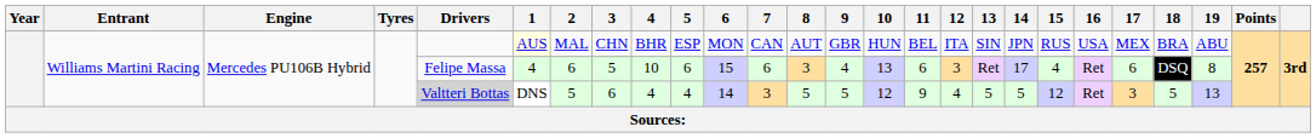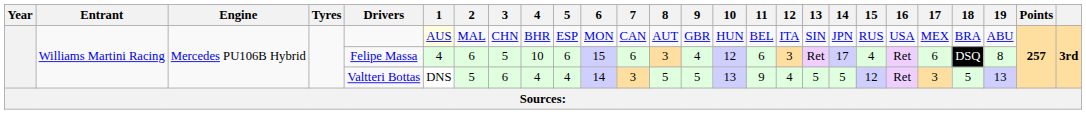 <table class="wikitable" style="text-align:center; font-size:90%">
 <tr>
 <th>Year</th>
 <th>Entrant</th>
 <th>Engine</th>
 <th>Tyres</th>
 <th>Drivers</th>
 <th>1</th>
 <th>2</th>
 <th>3</th>
 <th>4</th>
 <th>5</th>
 <th>6</th>
 <th>7</th>
 <th>8</th>
 <th>9</th>
 <th>10</th>
 <th>11</th>
 <th>12</th>
 <th>13</th>
 <th>14</th>
 <th>15</th>
 <th>16</th>
 <th>17</th>
 <th>18</th>
 <th>19</th>
 <th>Points</th>
 <th></th>
 </tr>
 <tr>
 <th rowspan=3></th>
 <td rowspan=3><a href='#'>Williams Martini Racing</a></td>
 <td rowspan=3><a href='#'>Mercedes</a> PU106B Hybrid</td>
 <td rowspan=3></td>
 <td></td>
 <td style="background: lightyellow;"><a href='#'>AUS</a></td>
 <td><a href='#'>MAL</a></td>
 <td><a href='#'>CHN</a></td>
 <td><a href='#'>BHR</a></td>
 <td><a href='#'>ESP</a></td>
 <td><a href='#'>MON</a></td>
 <td><a href='#'>CAN</a></td>
 <td><a href='#'>AUT</a></td>
 <td><a href='#'>GBR</a></td>
 <td><a href='#'>HUN</a></td>
 <td><a href='#'>BEL</a></td>
 <td><a href='#'>ITA</a></td>
 <td><a href='#'>SIN</a></td>
 <td><a href='#'>JPN</a></td>
 <td><a href='#'>RUS</a></td>
 <td><a href='#'>USA</a></td>
 <td><a href='#'>MEX</a></td>
 <td><a href='#'>BRA</a></td>
 <td><a href='#'>ABU</a></td>
 <th rowspan=3 style="background-color:#ffdf9f">257</th>
 <th rowspan=3 style="background-color:#ffdf9f">3rd</th>
 </tr>
 <tr>
 <td align="center"><a href='#'>Felipe Massa</a></td>
 <td style="background-color:#DFFFDF">4</td>
 <td style="background-color:#DFFFDF">6</td>
 <td style="background-color:#DFFFDF">5</td>
 <td style="background-color:#DFFFDF">10</td>
 <td style="background-color:#DFFFDF">6</td>
 <td style="background-color:#cfcfff">15</td>
 <td style="background-color:#DFFFDF">6</td>
 <td style="background-color:#ffdf9f">3</td>
 <td style="background-color:#DFFFDF">4</td>
-<td style="background-color:#cfcfff">13</td>
+<td style="background-color:#cfcfff">12</td>
 <td style="background-color:#DFFFDF">6</td>
 <td style="background-color:#ffdf9f">3</td>
 <td style="background-color:#EFCFFF">Ret</td>
 <td style="background-color:#cfcfff">17</td>
 <td style="background-color:#DFFFDF">4</td>
 <td style="background-color:#EFCFFF">Ret</td>
 <td style="background-color:#DFFFDF">6</td>
 <td style="background-color:#000000; color:white">DSQ</td>
 <td style="background-color:#DFFFDF">8</td>
 </tr>
 <tr>
-<td align="center" style="background: lightgrey;"><a href='#'>Valtteri Bottas</a></td>
+<td align="center"><a href='#'>Valtteri Bottas</a></td>
 <td style="background-color:#FFFFFF">DNS</td>
 <td style="background-color:#DFFFDF">5</td>
 <td style="background-color:#DFFFDF">6</td>
 <td style="background-color:#DFFFDF">4</td>
 <td style="background-color:#DFFFDF">4</td>
 <td style="background-color:#cfcfff">14</td>
 <td style="background-color:#ffdf9f">3</td>
 <td style="background-color:#DFFFDF">5</td>
 <td style="background-color:#DFFFDF">5</td>
-<td style="background-color:#cfcfff">12</td>
+<td style="background-color:#cfcfff">13</td>
 <td style="background-color:#DFFFDF">9</td>
 <td style="background-color:#DFFFDF">4</td>
 <td style="background-color:#DFFFDF">5</td>
 <td style="background-color:#DFFFDF">5</td>
 <td style="background-color:#cfcfff">12</td>
 <td style="background-color:#EFCFFF">Ret</td>
 <td style="background-color:#ffdf9f">3</td>
 <td style="background-color:#DFFFDF">5</td>
 <td style="background-color:#cfcfff">13</td>
 </tr>
 <tr>
 <th colspan="26">Sources:</th>
 </tr>
 </table>
